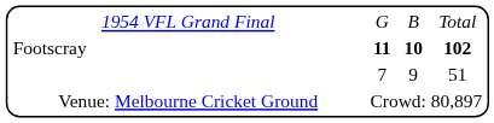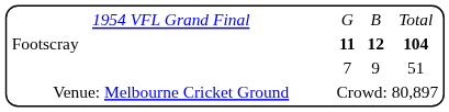 <table style="margin-right:4px; margin-top:8px; float:right; border:1px #000 solid; border-radius:8px; background:#fff; font-family:Verdana; font-size:8pt; text-align:center;">
 <tr>
 <td width=200><em><a href='#'>1954 VFL Grand Final</a></em></td>
 <td><em>G</em></td>
 <td><em>B</em></td>
 <td><em>Total</em></td>
 </tr>
 <tr>
 <td style="text-align:left"> Footscray</td>
 <td><strong>11</strong></td>
-<td><strong>10</strong></td>
-<td><strong>102</strong></td>
+<td><strong>12</strong></td>
+<td><strong>104</strong></td>
 </tr>
 <tr>
 <td style="text-align:left"> </td>
 <td>7</td>
 <td>9</td>
 <td>51</td>
 </tr>
 <tr>
 <td>Venue: <a href='#'>Melbourne Cricket Ground</a></td>
 <td colspan=3>Crowd: 80,897</td>
 </tr>
 </table>
